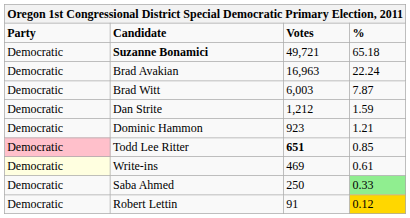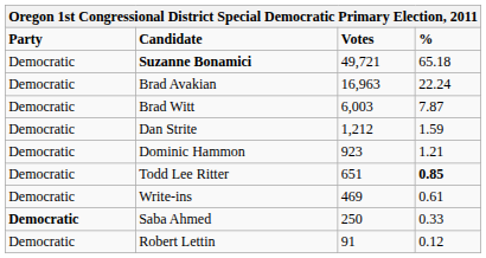 <table class="wikitable">
 <tr>
 <th colspan="4">Oregon 1st Congressional District Special Democratic Primary Election, 2011 </th>
 </tr>
 <tr>
 <td><strong>Party</strong></td>
 <td><strong>Candidate</strong></td>
 <td><strong>Votes</strong></td>
 <td><strong>%</strong></td>
 </tr>
 <tr>
 <td>Democratic</td>
 <td><strong>Suzanne Bonamici</strong></td>
 <td>49,721</td>
 <td>65.18</td>
 </tr>
 <tr>
 <td>Democratic</td>
 <td>Brad Avakian</td>
 <td>16,963</td>
 <td>22.24</td>
 </tr>
 <tr>
 <td>Democratic</td>
 <td>Brad Witt</td>
 <td>6,003</td>
 <td>7.87</td>
 </tr>
 <tr>
 <td>Democratic</td>
 <td>Dan Strite</td>
 <td>1,212</td>
 <td>1.59</td>
 </tr>
 <tr>
 <td>Democratic</td>
 <td>Dominic Hammon</td>
 <td>923</td>
 <td>1.21</td>
 </tr>
 <tr>
-<td style="background: pink;">Democratic</td>
+<td>Democratic</td>
 <td>Todd Lee Ritter</td>
-<td><strong>651</strong></td>
-<td>0.85</td>
+<td>651</td>
+<td><strong>0.85</strong></td>
 </tr>
 <tr>
-<td style="background: lightyellow;">Democratic</td>
+<td>Democratic</td>
 <td>Write-ins</td>
 <td>469</td>
 <td>0.61</td>
 </tr>
 <tr>
-<td>Democratic</td>
+<td><strong>Democratic</strong></td>
 <td>Saba Ahmed</td>
 <td>250</td>
-<td style="background: lightgreen;">0.33</td>
+<td>0.33</td>
 </tr>
 <tr>
 <td>Democratic</td>
 <td>Robert Lettin</td>
 <td>91</td>
-<td style="background: gold;">0.12</td>
+<td>0.12</td>
 </tr>
 </table>
